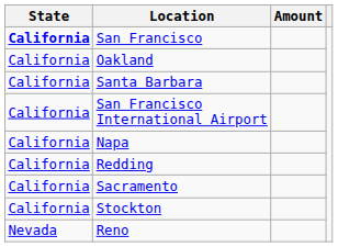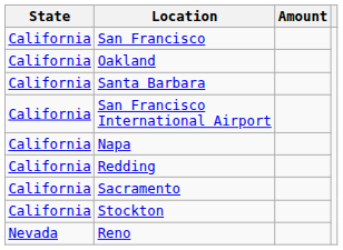 <table class="wikitable">
 <tr>
 <th>State</th>
 <th>Location</th>
 <th>Amount</th>
 <th></th>
 </tr>
 <tr>
-<td><strong><a href='#'>California</a></strong></td>
+<td><a href='#'>California</a></td>
 <td><a href='#'>San Francisco</a></td>
 <td></td>
 <td rowspan=9></td>
 </tr>
 <tr>
 <td><a href='#'>California</a></td>
 <td><a href='#'>Oakland</a></td>
 <td></td>
 </tr>
 <tr>
 <td><a href='#'>California</a></td>
 <td><a href='#'>Santa Barbara</a></td>
 <td></td>
 </tr>
 <tr>
 <td><a href='#'>California</a></td>
 <td><a href='#'>San Francisco<br>International Airport</a></td>
 <td></td>
 </tr>
 <tr>
 <td><a href='#'>California</a></td>
 <td><a href='#'>Napa</a></td>
 <td></td>
 </tr>
 <tr>
 <td><a href='#'>California</a></td>
 <td><a href='#'>Redding</a></td>
 <td></td>
 </tr>
 <tr>
 <td><a href='#'>California</a></td>
 <td><a href='#'>Sacramento</a></td>
 <td></td>
 </tr>
 <tr>
 <td><a href='#'>California</a></td>
 <td><a href='#'>Stockton</a></td>
 <td></td>
 </tr>
 <tr>
 <td><a href='#'>Nevada</a></td>
 <td><a href='#'>Reno</a></td>
 <td></td>
 </tr>
 </table>
